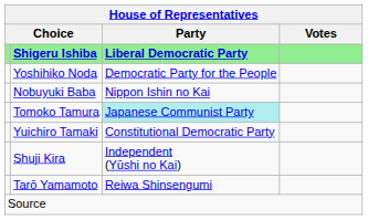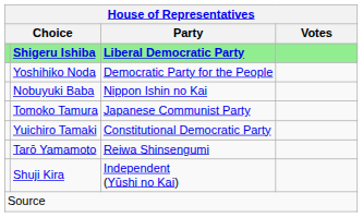 <table class="wikitable" style="font-size:98%;">
 <tr>
 <th colspan="4"><a href='#'>House of Representatives</a></th>
 </tr>
 <tr>
 <th align="left" colspan="2" width="100">Choice</th>
 <th>Party</th>
 <th width="100">Votes</th>
 </tr>
 <tr style="background:lightgreen;">
 <td style="color:inherit;background:"></td>
 <td style="text-align:left;"><strong><a href='#'>Shigeru Ishiba</a></strong></td>
 <td style="text-align:left;"><strong><a href='#'>Liberal Democratic Party</a></strong></td>
 <td><strong></strong></td>
 </tr>
 <tr>
 <td style="color:inherit;background:"></td>
 <td style="text-align:left;"><a href='#'>Yoshihiko Noda</a></td>
 <td style="text-align:left;"><a href='#'>Democratic Party for the People</a></td>
 <td></td>
 </tr>
 <tr>
 <td style="color:inherit;background:"></td>
 <td style="text-align:left;"><a href='#'>Nobuyuki Baba</a></td>
 <td style="text-align:left;"><a href='#'>Nippon Ishin no Kai</a></td>
 <td></td>
 </tr>
 <tr>
 <td style="color:inherit;background:"></td>
 <td style="text-align:left;"><a href='#'>Tomoko Tamura</a></td>
-<td style="background: paleturquoise; text-align:left;"><a href='#'>Japanese Communist Party</a></td>
+<td style="text-align:left;"><a href='#'>Japanese Communist Party</a></td>
 <td></td>
 </tr>
 <tr>
 <td style="color:inherit;background:"></td>
 <td style="text-align:left;"><a href='#'>Yuichiro Tamaki</a></td>
 <td style="text-align:left;"><a href='#'>Constitutional Democratic Party</a></td>
 <td></td>
 </tr>
 <tr>
 <td style="color:inherit;background:"></td>
-<td style="text-align:left;"><a href='#'>Shuji Kira</a></td>
-<td style="text-align:left;"><a href='#'>Independent</a><br>(<a href='#'>Yūshi no Kai</a>)</td>
+<td style="text-align:left;"><a href='#'>Tarō Yamamoto</a></td>
+<td style="text-align:left;"><a href='#'>Reiwa Shinsengumi</a></td>
 <td></td>
 </tr>
 <tr>
 <td style="color:inherit;background:"></td>
-<td style="text-align:left;"><a href='#'>Tarō Yamamoto</a></td>
-<td style="text-align:left;"><a href='#'>Reiwa Shinsengumi</a></td>
+<td style="text-align:left;"><a href='#'>Shuji Kira</a></td>
+<td style="text-align:left;"><a href='#'>Independent</a><br>(<a href='#'>Yūshi no Kai</a>)</td>
 <td></td>
 </tr>
 <tr>
 <td colspan=4>Source</td>
 </tr>
 </table>
